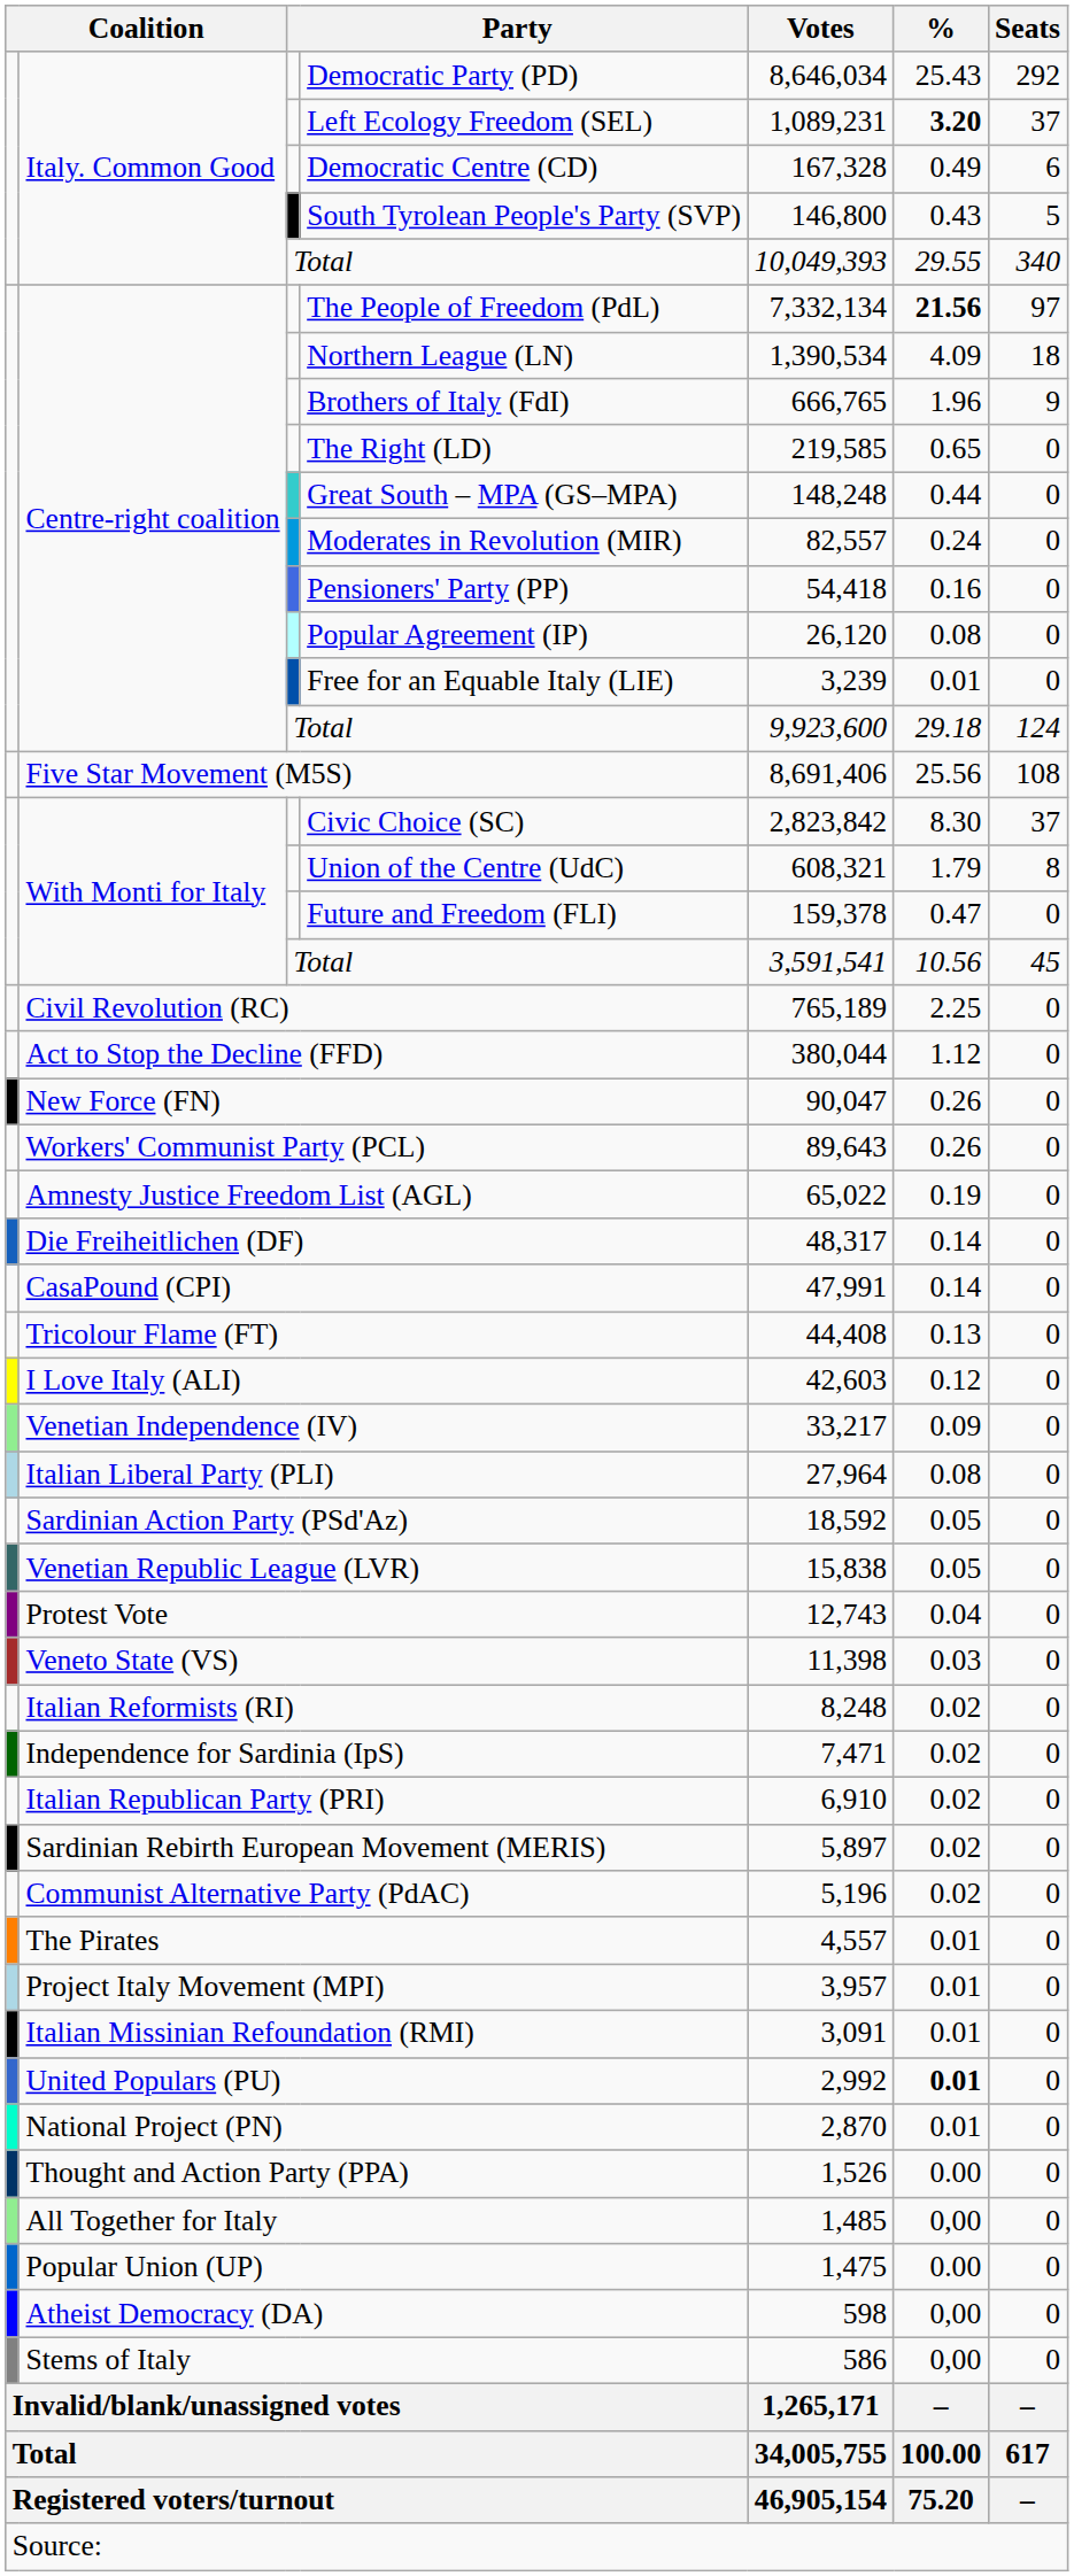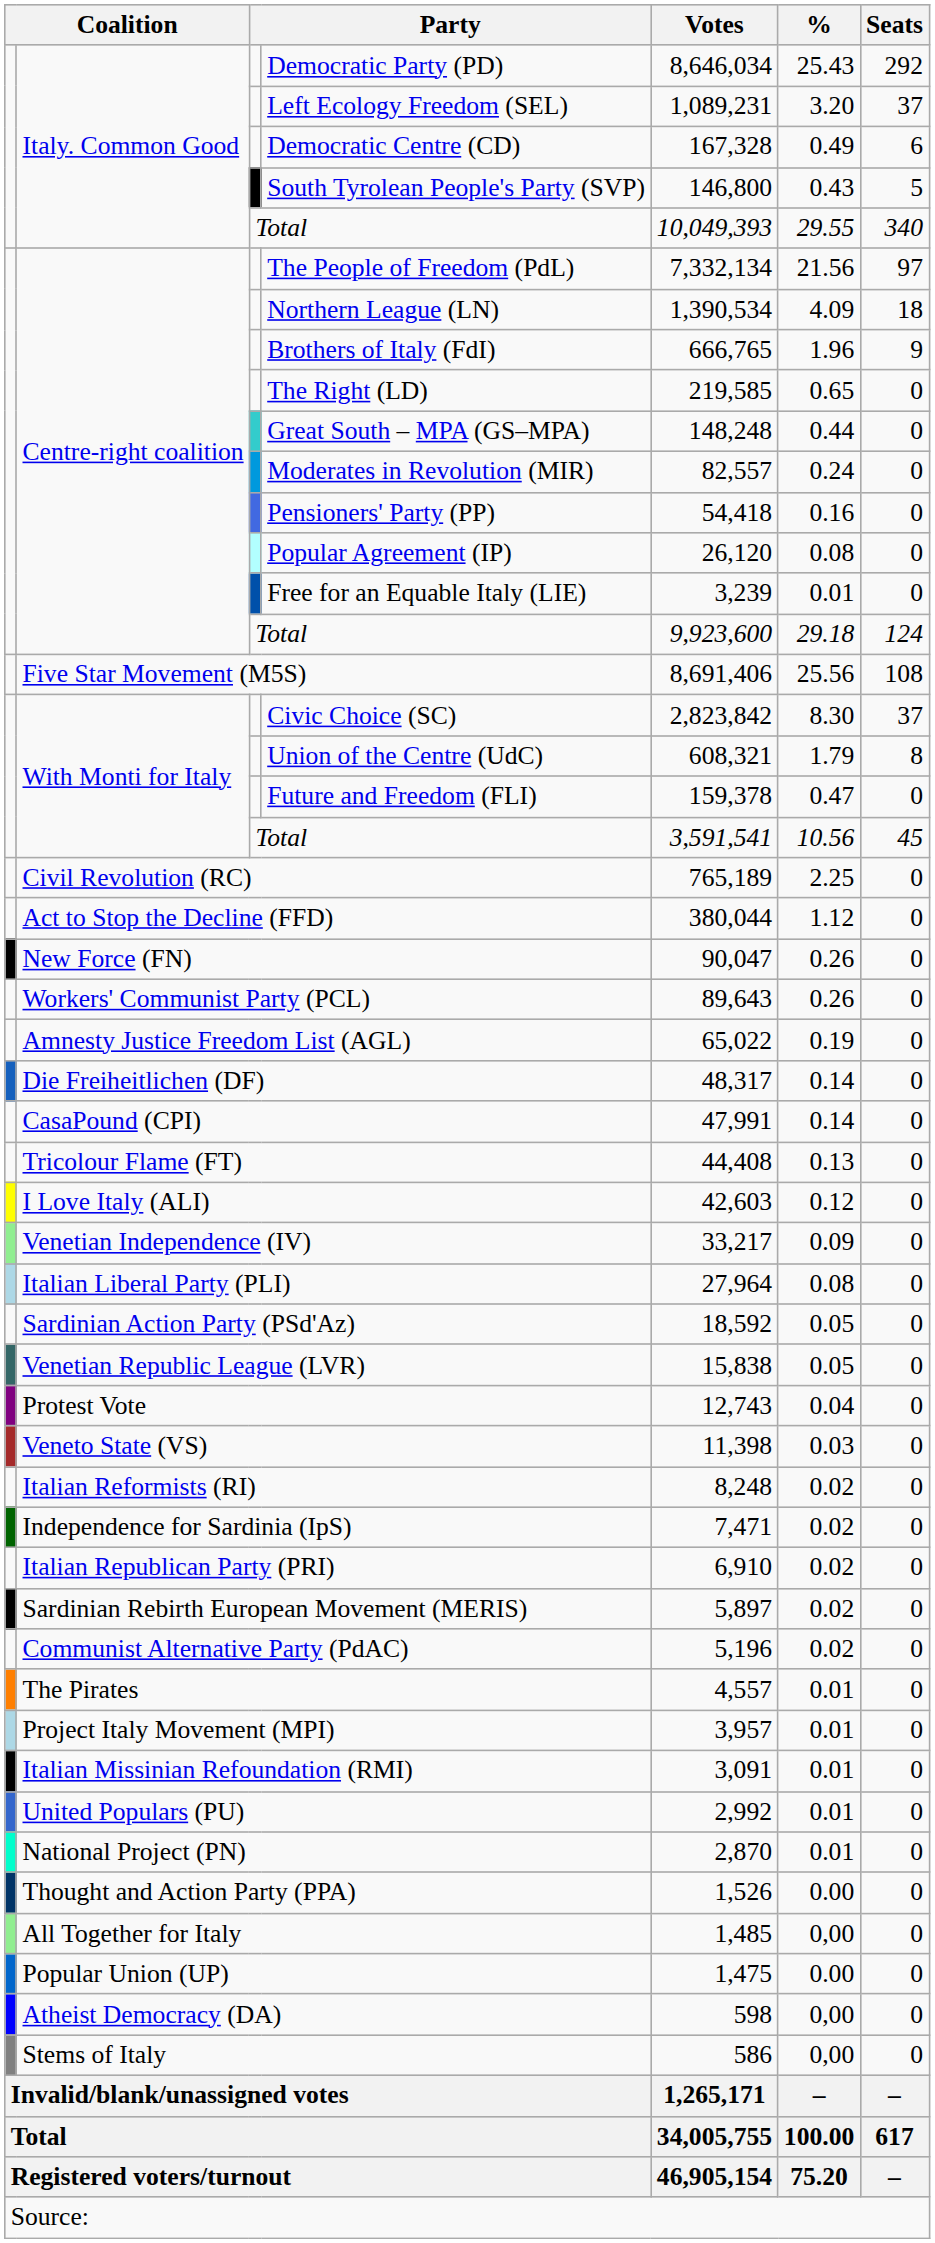 <table class="wikitable centre sortable" style="text-align:right">
 <tr>
 <th colspan=2>Coalition</th>
 <th colspan=2>Party</th>
 <th>Votes</th>
 <th>%</th>
 <th>Seats</th>
 </tr>
 <tr>
 <td rowspan="5"></td>
 <td style="text-align:left;" rowspan="5"><a href='#'>Italy. Common Good</a></td>
 <td></td>
 <td align=left><a href='#'>Democratic Party</a> (PD)</td>
 <td>8,646,034</td>
 <td>25.43</td>
 <td>292</td>
 </tr>
 <tr>
 <td></td>
 <td align=left><a href='#'>Left Ecology Freedom</a> (SEL)</td>
 <td>1,089,231</td>
-<td><strong>3.20</strong></td>
+<td>3.20</td>
 <td>37</td>
 </tr>
 <tr>
 <td></td>
 <td align=left><a href='#'>Democratic Centre</a> (CD)</td>
 <td>167,328</td>
 <td>0.49</td>
 <td>6</td>
 </tr>
 <tr>
 <td style="background:black;"></td>
 <td align=left><a href='#'>South Tyrolean People's Party</a> (SVP)</td>
 <td>146,800</td>
 <td>0.43</td>
 <td>5</td>
 </tr>
 <tr>
 <td colspan="2" style="text-align:left;"><em>Total</em></td>
 <td><em>10,049,393</em></td>
 <td><em>29.55</em></td>
 <td><em>340</em></td>
 </tr>
 <tr>
 <td rowspan="10" style="background:"></td>
 <td style="text-align:left;" rowspan="10"><a href='#'>Centre-right coalition</a></td>
 <td></td>
 <td align=left><a href='#'>The People of Freedom</a> (PdL)</td>
 <td>7,332,134</td>
-<td><strong>21.56</strong></td>
+<td>21.56</td>
 <td>97</td>
 </tr>
 <tr>
 <td></td>
 <td align=left><a href='#'>Northern League</a> (LN)</td>
 <td>1,390,534</td>
 <td>4.09</td>
 <td>18</td>
 </tr>
 <tr>
 <td></td>
 <td align=left><a href='#'>Brothers of Italy</a> (FdI)</td>
 <td>666,765</td>
 <td>1.96</td>
 <td>9</td>
 </tr>
 <tr>
 <td></td>
 <td align=left><a href='#'>The Right</a> (LD)</td>
 <td>219,585</td>
 <td>0.65</td>
 <td>0</td>
 </tr>
 <tr>
 <td style="background:#3cc;"></td>
 <td align=left><a href='#'>Great South</a> – <a href='#'>MPA</a> (GS–MPA)</td>
 <td>148,248</td>
 <td>0.44</td>
 <td>0</td>
 </tr>
 <tr>
 <td style="background:#09d;"></td>
 <td align=left><a href='#'>Moderates in Revolution</a> (MIR)</td>
 <td>82,557</td>
 <td>0.24</td>
 <td>0</td>
 </tr>
 <tr>
 <td style="background:#4169e1;"></td>
 <td align=left><a href='#'>Pensioners' Party</a> (PP)</td>
 <td>54,418</td>
 <td>0.16</td>
 <td>0</td>
 </tr>
 <tr>
 <td style="background:#b2ffff;"></td>
 <td align=left><a href='#'>Popular Agreement</a> (IP)</td>
 <td>26,120</td>
 <td>0.08</td>
 <td>0</td>
 </tr>
 <tr>
 <td style="background:#0050AA;"></td>
 <td align=left>Free for an Equable Italy (LIE)</td>
 <td>3,239</td>
 <td>0.01</td>
 <td>0</td>
 </tr>
 <tr>
 <td colspan="2" style="text-align:left;"><em>Total</em></td>
 <td><em>9,923,600</em></td>
 <td><em>29.18</em></td>
 <td><em>124</em></td>
 </tr>
 <tr>
 <td style="background-color:"></td>
 <td style="text-align:left;" colspan="3"><a href='#'>Five Star Movement</a> (M5S)</td>
 <td>8,691,406</td>
 <td>25.56</td>
 <td>108</td>
 </tr>
 <tr>
 <td rowspan=4 style="background-color:"></td>
 <td style="text-align:left;" rowspan="4"><a href='#'>With Monti for Italy</a></td>
 <td></td>
 <td align=left><a href='#'>Civic Choice</a> (SC)</td>
 <td>2,823,842</td>
 <td>8.30</td>
 <td>37</td>
 </tr>
 <tr>
 <td></td>
 <td align=left><a href='#'>Union of the Centre</a> (UdC)</td>
 <td>608,321</td>
 <td>1.79</td>
 <td>8</td>
 </tr>
 <tr>
 <td></td>
 <td align=left><a href='#'>Future and Freedom</a> (FLI)</td>
 <td>159,378</td>
 <td>0.47</td>
 <td>0</td>
 </tr>
 <tr>
 <td colspan="2" style="text-align:left;"><em>Total</em></td>
 <td><em>3,591,541</em></td>
 <td><em>10.56</em></td>
 <td><em>45</em></td>
 </tr>
 <tr>
 <td style="background-color:"></td>
 <td style="text-align:left;" colspan="3"><a href='#'>Civil Revolution</a> (RC)</td>
 <td>765,189</td>
 <td>2.25</td>
 <td>0</td>
 </tr>
 <tr>
 <td style="background-color:"></td>
 <td style="text-align:left;" colspan="3"><a href='#'>Act to Stop the Decline</a> (FFD)</td>
 <td>380,044</td>
 <td>1.12</td>
 <td>0</td>
 </tr>
 <tr>
 <td style="background:black;"></td>
 <td style="text-align:left;" colspan="3"><a href='#'>New Force</a> (FN)</td>
 <td>90,047</td>
 <td>0.26</td>
 <td>0</td>
 </tr>
 <tr>
 <td style="background-color:"></td>
 <td style="text-align:left;" colspan="3"><a href='#'>Workers' Communist Party</a> (PCL)</td>
 <td>89,643</td>
 <td>0.26</td>
 <td>0</td>
 </tr>
 <tr>
 <td style="background-color:"></td>
 <td style="text-align:left;" colspan="3"><a href='#'>Amnesty Justice Freedom List</a> (AGL)</td>
 <td>65,022</td>
 <td>0.19</td>
 <td>0</td>
 </tr>
 <tr>
 <td style="background:#1560BD;"></td>
 <td style="text-align:left;" colspan="3"><a href='#'>Die Freiheitlichen</a> (DF)</td>
 <td>48,317</td>
 <td>0.14</td>
 <td>0</td>
 </tr>
 <tr>
 <td style="background:"></td>
 <td style="text-align:left;" colspan="3"><a href='#'>CasaPound</a> (CPI)</td>
 <td>47,991</td>
 <td>0.14</td>
 <td>0</td>
 </tr>
 <tr>
 <td style="background:"></td>
 <td style="text-align:left;" colspan="3"><a href='#'>Tricolour Flame</a> (FT)</td>
 <td>44,408</td>
 <td>0.13</td>
 <td>0</td>
 </tr>
 <tr>
 <td style="background:yellow;"></td>
 <td style="text-align:left;" colspan="3"><a href='#'>I Love Italy</a> (ALI)</td>
 <td>42,603</td>
 <td>0.12</td>
 <td>0</td>
 </tr>
 <tr>
 <td style="background:lightgreen;"></td>
 <td style="text-align:left;" colspan="3"><a href='#'>Venetian Independence</a> (IV)</td>
 <td>33,217</td>
 <td>0.09</td>
 <td>0</td>
 </tr>
 <tr>
 <td style="background:lightblue;"></td>
 <td style="text-align:left;" colspan="3"><a href='#'>Italian Liberal Party</a> (PLI)</td>
 <td>27,964</td>
 <td>0.08</td>
 <td>0</td>
 </tr>
 <tr>
 <td style="background:"></td>
 <td style="text-align:left;" colspan="3"><a href='#'>Sardinian Action Party</a> (PSd'Az)</td>
 <td>18,592</td>
 <td>0.05</td>
 <td>0</td>
 </tr>
 <tr>
 <td style="background:#366;"></td>
 <td style="text-align:left;" colspan="3"><a href='#'>Venetian Republic League</a> (LVR)</td>
 <td>15,838</td>
 <td>0.05</td>
 <td>0</td>
 </tr>
 <tr>
 <td style="background:purple;"></td>
 <td style="text-align:left;" colspan="3">Protest Vote</td>
 <td>12,743</td>
 <td>0.04</td>
 <td>0</td>
 </tr>
 <tr>
 <td style="background:brown;"></td>
 <td style="text-align:left;" colspan="3"><a href='#'>Veneto State</a> (VS)</td>
 <td>11,398</td>
 <td>0.03</td>
 <td>0</td>
 </tr>
 <tr>
 <td style="background-color:"></td>
 <td style="text-align:left;" colspan="3"><a href='#'>Italian Reformists</a> (RI)</td>
 <td>8,248</td>
 <td>0.02</td>
 <td>0</td>
 </tr>
 <tr>
 <td style="background:darkgreen;"></td>
 <td style="text-align:left;" colspan="3">Independence for Sardinia (IpS)</td>
 <td>7,471</td>
 <td>0.02</td>
 <td>0</td>
 </tr>
 <tr>
 <td style="background:"></td>
 <td style="text-align:left;" colspan="3"><a href='#'>Italian Republican Party</a> (PRI)</td>
 <td>6,910</td>
 <td>0.02</td>
 <td>0</td>
 </tr>
 <tr>
 <td style="background:black;"></td>
 <td style="text-align:left;" colspan="3">Sardinian Rebirth European Movement (MERIS)</td>
 <td>5,897</td>
 <td>0.02</td>
 <td>0</td>
 </tr>
 <tr>
 <td style="background:"></td>
 <td style="text-align:left;" colspan="3"><a href='#'>Communist Alternative Party</a> (PdAC)</td>
 <td>5,196</td>
 <td>0.02</td>
 <td>0</td>
 </tr>
 <tr>
 <td style="background:#FF7F00;"></td>
 <td style="text-align:left;" colspan="3">The Pirates</td>
 <td>4,557</td>
 <td>0.01</td>
 <td>0</td>
 </tr>
 <tr>
 <td style="background:lightblue;"></td>
 <td style="text-align:left;" colspan="3">Project Italy Movement (MPI)</td>
 <td>3,957</td>
 <td>0.01</td>
 <td>0</td>
 </tr>
 <tr>
 <td style="background:black;"></td>
 <td style="text-align:left;" colspan="3"><a href='#'>Italian Missinian Refoundation</a> (RMI)</td>
 <td>3,091</td>
 <td>0.01</td>
 <td>0</td>
 </tr>
 <tr>
 <td style="background:#36c;"></td>
 <td style="text-align:left;" colspan="3"><a href='#'>United Populars</a> (PU)</td>
 <td>2,992</td>
-<td><strong>0.01</strong></td>
+<td>0.01</td>
 <td>0</td>
 </tr>
 <tr>
 <td style="background:#0fc;"></td>
 <td style="text-align:left;" colspan="3">National Project (PN)</td>
 <td>2,870</td>
 <td>0.01</td>
 <td>0</td>
 </tr>
 <tr>
 <td style="background:#036;"></td>
 <td style="text-align:left;" colspan="3">Thought and Action Party (PPA)</td>
 <td>1,526</td>
 <td>0.00</td>
 <td>0</td>
 </tr>
 <tr>
 <td style="background:lightgreen;"></td>
 <td style="text-align:left;" colspan="3">All Together for Italy</td>
 <td>1,485</td>
 <td>0,00</td>
 <td>0</td>
 </tr>
 <tr>
 <td style="background:#06c;"></td>
 <td style="text-align:left;" colspan="3">Popular Union (UP)</td>
 <td>1,475</td>
 <td>0.00</td>
 <td>0</td>
 </tr>
 <tr>
 <td style="background:blue;"></td>
 <td style="text-align:left;" colspan="3"><a href='#'>Atheist Democracy</a> (DA)</td>
 <td>598</td>
 <td>0,00</td>
 <td>0</td>
 </tr>
 <tr>
 <td style="background:gray;"></td>
 <td style="text-align:left;" colspan="3">Stems of Italy</td>
 <td>586</td>
 <td>0,00</td>
 <td>0</td>
 </tr>
 <tr>
 <th style="text-align:left;" colspan="4">Invalid/blank/unassigned votes</th>
 <th>1,265,171</th>
 <th>–</th>
 <th>–</th>
 </tr>
 <tr>
 <th style="text-align:left;" colspan="4"><strong>Total</strong></th>
 <th><strong>34,005,755</strong></th>
 <th><strong>100.00</strong></th>
 <th><strong>617</strong></th>
 </tr>
 <tr>
 <th style="text-align:left;" colspan="4">Registered voters/turnout</th>
 <th>46,905,154</th>
 <th>75.20</th>
 <th>–</th>
 </tr>
 <tr>
 <td style="text-align:left;" colspan="7">Source: </td>
 </tr>
 </table>
